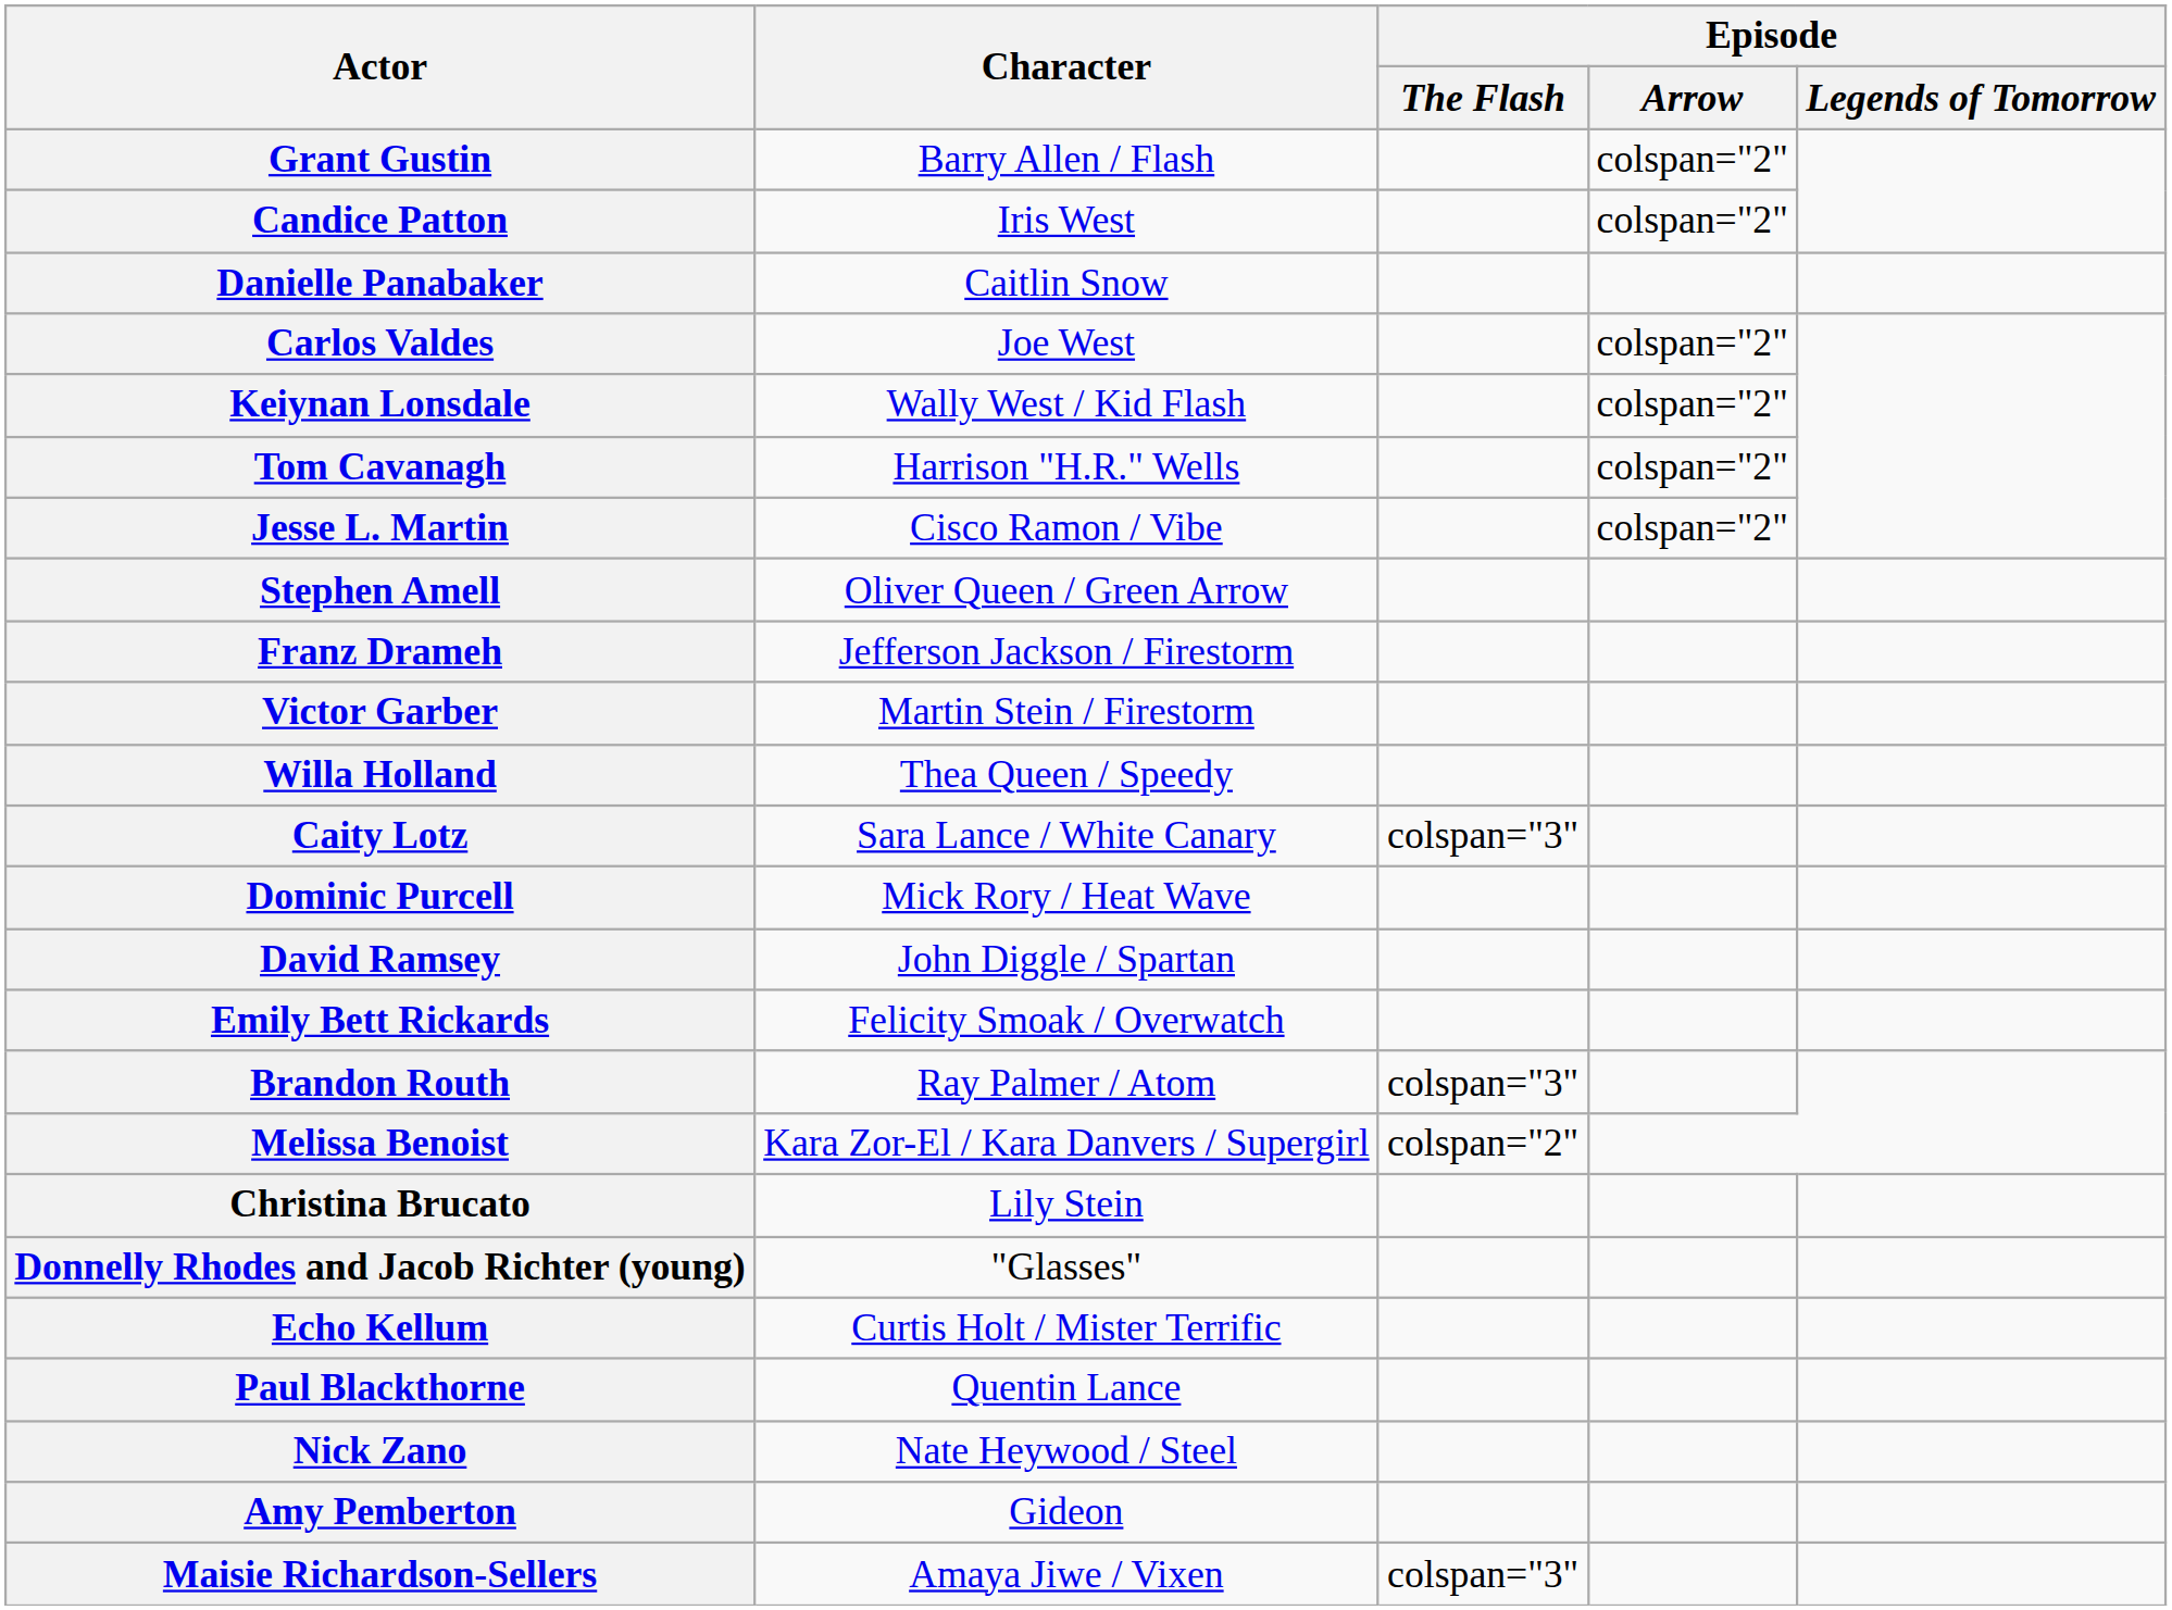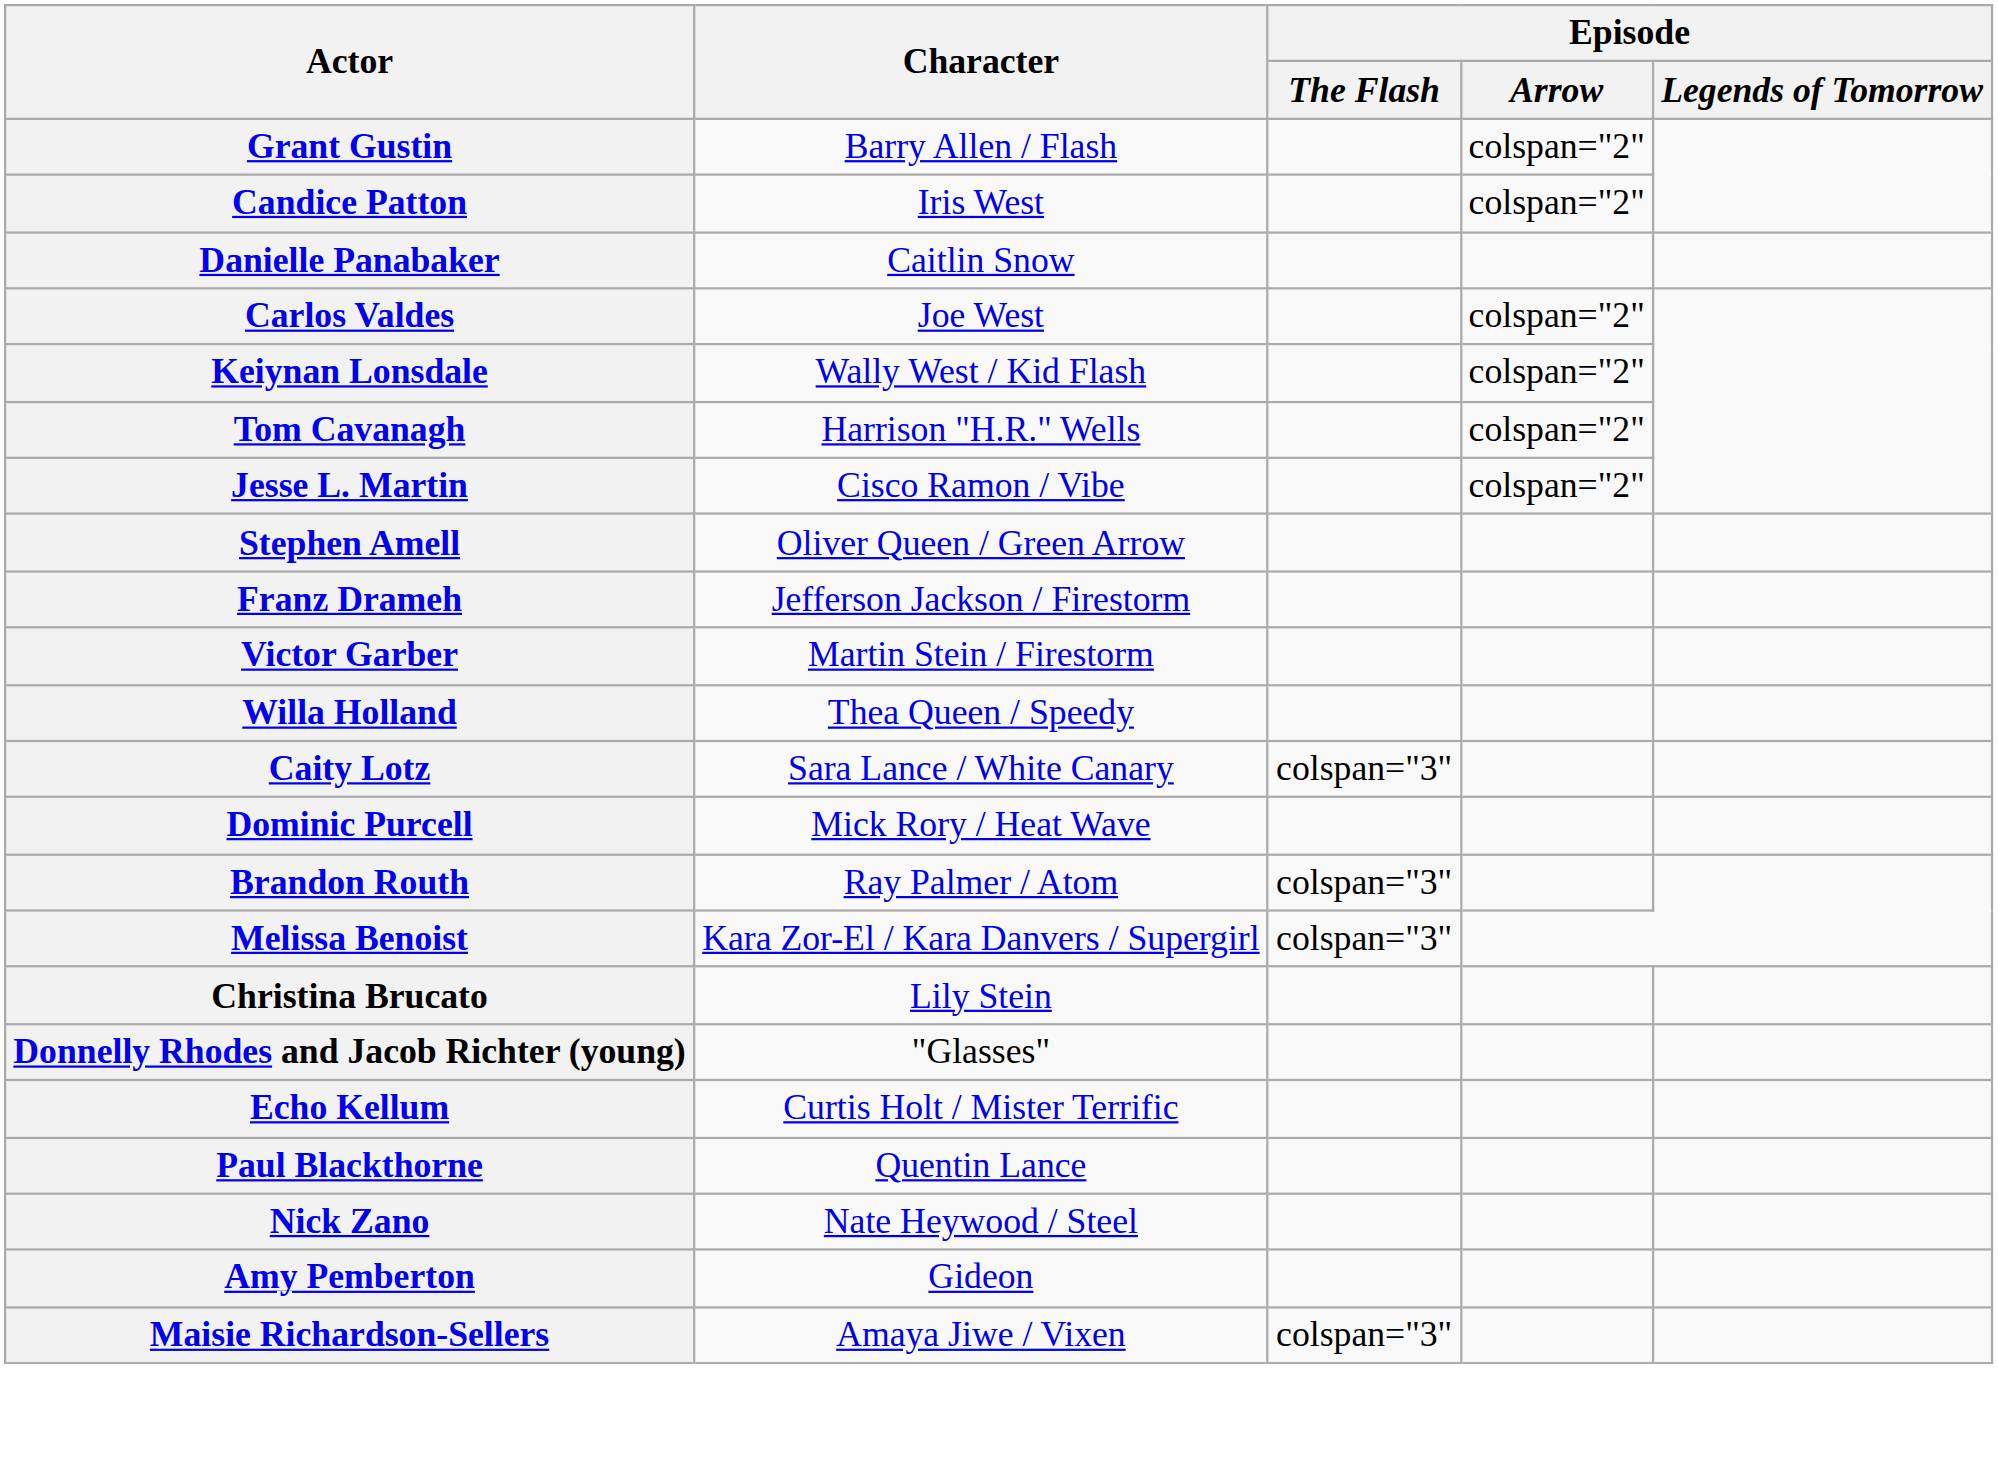 <table class="wikitable plainrowheaders" style="text-align: center;">
 <tr>
 <th scope="col" rowspan="2">Actor</th>
 <th scope="col" rowspan="2">Character</th>
 <th scope="col" colspan="3">Episode</th>
 </tr>
 <tr>
 <th scope="col"><em>The Flash</em></th>
 <th scope="col"><em>Arrow</em></th>
 <th scope="col"><em>Legends of Tomorrow</em></th>
 </tr>
 <tr>
 <th scope="row" style="text-align: center;"><a href='#'>Grant Gustin</a></th>
 <td><a href='#'>Barry Allen / Flash</a></td>
 <td></td>
 <td>colspan="2" </td>
 </tr>
 <tr>
 <th scope="row" style="text-align: center;"><a href='#'>Candice Patton</a></th>
 <td><a href='#'>Iris West</a></td>
 <td></td>
 <td>colspan="2" </td>
 </tr>
 <tr>
 <th scope="row" style="text-align: center;"><a href='#'>Danielle Panabaker</a></th>
 <td><a href='#'>Caitlin Snow</a></td>
 <td></td>
 <td></td>
 <td></td>
 </tr>
 <tr>
 <th scope="row" style="text-align: center;"><a href='#'>Carlos Valdes</a></th>
 <td><a href='#'>Joe West</a></td>
 <td></td>
 <td>colspan="2" </td>
 </tr>
 <tr>
 <th scope="row" style="text-align: center;"><a href='#'>Keiynan Lonsdale</a></th>
 <td><a href='#'>Wally West / Kid Flash</a></td>
 <td></td>
 <td>colspan="2" </td>
 </tr>
 <tr>
 <th scope="row" style="text-align: center;"><a href='#'>Tom Cavanagh</a></th>
 <td><a href='#'>Harrison "H.R." Wells</a></td>
 <td></td>
 <td>colspan="2" </td>
 </tr>
 <tr>
 <th scope="row" style="text-align: center;"><a href='#'>Jesse L. Martin</a></th>
 <td><a href='#'>Cisco Ramon / Vibe</a></td>
 <td></td>
 <td>colspan="2" </td>
 </tr>
 <tr>
 <th scope="row" style="text-align: center;"><a href='#'>Stephen Amell</a></th>
 <td><a href='#'>Oliver Queen / Green Arrow</a></td>
 <td></td>
 <td></td>
 <td></td>
 </tr>
 <tr>
 <th scope="row" style="text-align: center;"><a href='#'>Franz Drameh</a></th>
 <td><a href='#'>Jefferson Jackson / Firestorm</a></td>
 <td></td>
 <td></td>
 <td></td>
 </tr>
 <tr>
 <th scope="row" style="text-align: center;"><a href='#'>Victor Garber</a></th>
 <td><a href='#'>Martin Stein / Firestorm</a></td>
 <td></td>
 <td></td>
 <td></td>
 </tr>
 <tr>
 <th scope="row" style="text-align: center;"><a href='#'>Willa Holland</a></th>
 <td><a href='#'>Thea Queen / Speedy</a></td>
 <td></td>
 <td></td>
 <td></td>
 </tr>
 <tr>
 <th scope="row" style="text-align: center;"><a href='#'>Caity Lotz</a></th>
 <td><a href='#'>Sara Lance / White Canary</a></td>
 <td>colspan="3" </td>
 <td></td>
 </tr>
 <tr>
 <th scope="row" style="text-align: center;"><a href='#'>Dominic Purcell</a></th>
 <td><a href='#'>Mick Rory / Heat Wave</a></td>
 <td></td>
 <td></td>
 <td></td>
 </tr>
 <tr>
-<th scope="row" style="text-align: center;"><a href='#'>David Ramsey</a></th>
-<td><a href='#'>John Diggle / Spartan</a></td>
-<td></td>
-<td></td>
-<td></td>
-</tr>
-<tr>
-<th scope="row" style="text-align: center;"><a href='#'>Emily Bett Rickards</a></th>
-<td><a href='#'>Felicity Smoak / Overwatch</a></td>
-<td></td>
-<td></td>
-<td></td>
-</tr>
-<tr>
 <th scope="row" style="text-align: center;"><a href='#'>Brandon Routh</a></th>
 <td><a href='#'>Ray Palmer / Atom</a></td>
 <td>colspan="3" </td>
 <td></td>
 </tr>
 <tr>
 <th scope="row" style="text-align: center;"><a href='#'>Melissa Benoist</a></th>
 <td><a href='#'>Kara Zor-El / Kara Danvers / Supergirl</a></td>
-<td>colspan="2" </td>
+<td>colspan="3" </td>
 </tr>
 <tr>
 <th scope="row" style="text-align: center;">Christina Brucato</th>
 <td><a href='#'>Lily Stein</a></td>
 <td></td>
 <td></td>
 <td></td>
 </tr>
 <tr>
 <th scope="row" style="text-align: center;"><a href='#'>Donnelly Rhodes</a> and Jacob Richter (young)</th>
 <td>"Glasses"</td>
 <td></td>
 <td></td>
 <td><br></td>
 </tr>
 <tr>
 <th scope="row" style="text-align: center;"><a href='#'>Echo Kellum</a></th>
 <td><a href='#'>Curtis Holt / Mister Terrific</a></td>
 <td></td>
 <td></td>
 <td></td>
 </tr>
 <tr>
 <th scope="row" style="text-align: center;"><a href='#'>Paul Blackthorne</a></th>
 <td><a href='#'>Quentin Lance</a></td>
 <td></td>
 <td></td>
 <td></td>
 </tr>
 <tr>
 <th scope="row" style="text-align: center;"><a href='#'>Nick Zano</a></th>
 <td><a href='#'>Nate Heywood / Steel</a></td>
 <td></td>
 <td></td>
 <td></td>
 </tr>
 <tr>
 <th scope="row" style="text-align: center;"><a href='#'>Amy Pemberton</a></th>
 <td><a href='#'>Gideon</a></td>
 <td></td>
 <td></td>
 <td><br></td>
 </tr>
 <tr>
 <th scope="row" style="text-align: center;"><a href='#'>Maisie Richardson-Sellers</a></th>
 <td><a href='#'>Amaya Jiwe / Vixen</a></td>
 <td>colspan="3" </td>
 <td></td>
 </tr>
 </table>
